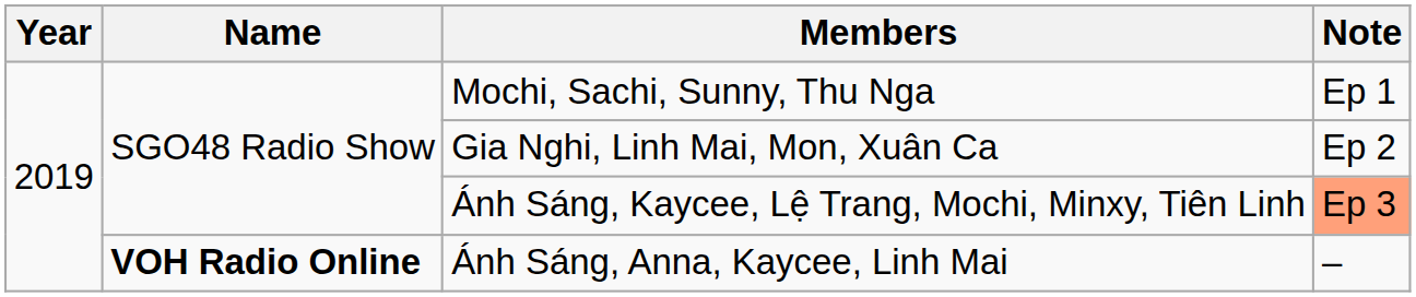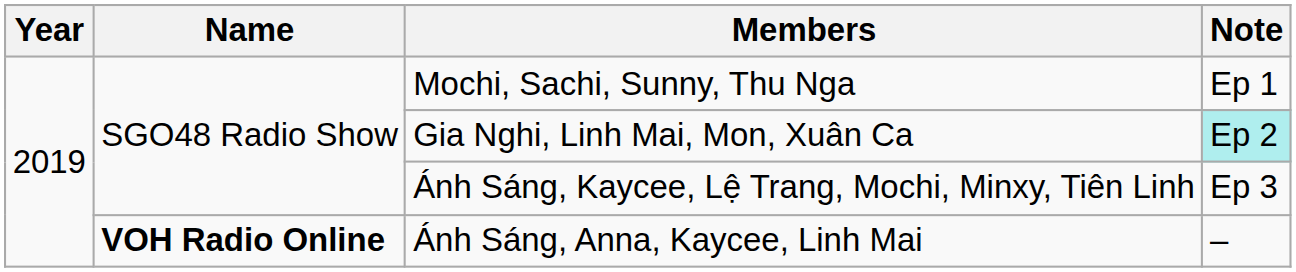 <table class="wikitable">
 <tr>
 <th>Year</th>
 <th>Name</th>
 <th>Members</th>
 <th>Note</th>
 </tr>
 <tr>
 <td rowspan="4">2019</td>
 <td rowspan="3">SGO48 Radio Show</td>
 <td>Mochi, Sachi, Sunny, Thu Nga</td>
 <td>Ep 1</td>
 </tr>
 <tr>
 <td>Gia Nghi, Linh Mai, Mon, Xuân Ca</td>
-<td>Ep 2</td>
+<td style="background: paleturquoise;">Ep 2</td>
 </tr>
 <tr>
 <td>Ánh Sáng, Kaycee, Lệ Trang, Mochi, Minxy, Tiên Linh</td>
-<td style="background: lightsalmon;">Ep 3</td>
+<td>Ep 3</td>
 </tr>
 <tr>
 <td><strong>VOH Radio Online</strong></td>
 <td>Ánh Sáng, Anna, Kaycee, Linh Mai</td>
 <td>–</td>
 </tr>
 </table>
